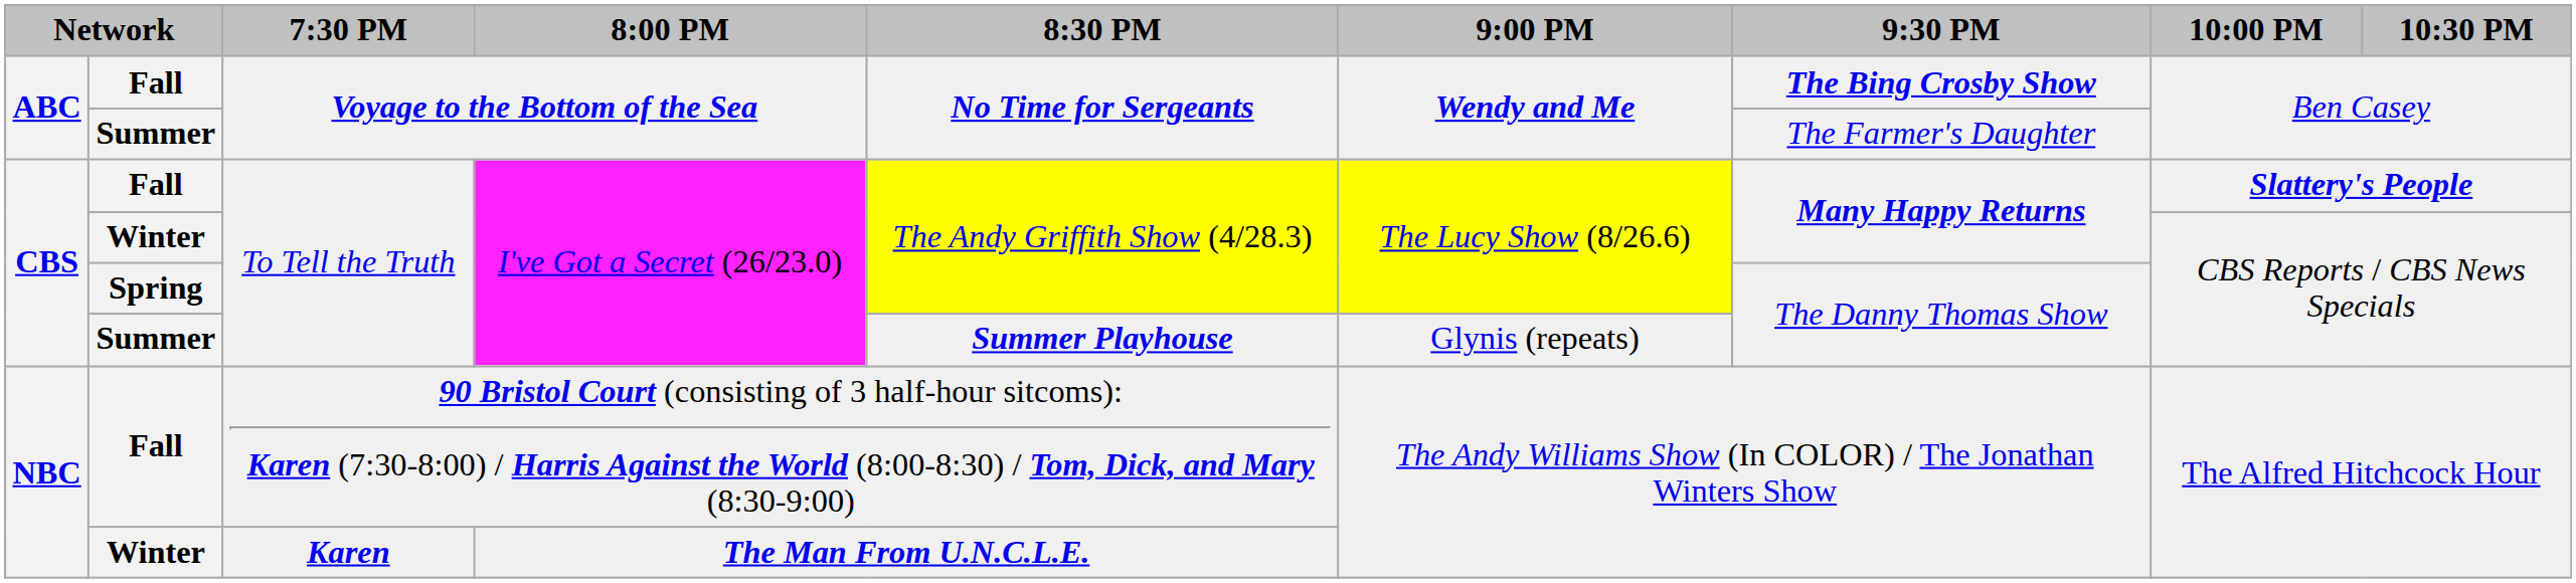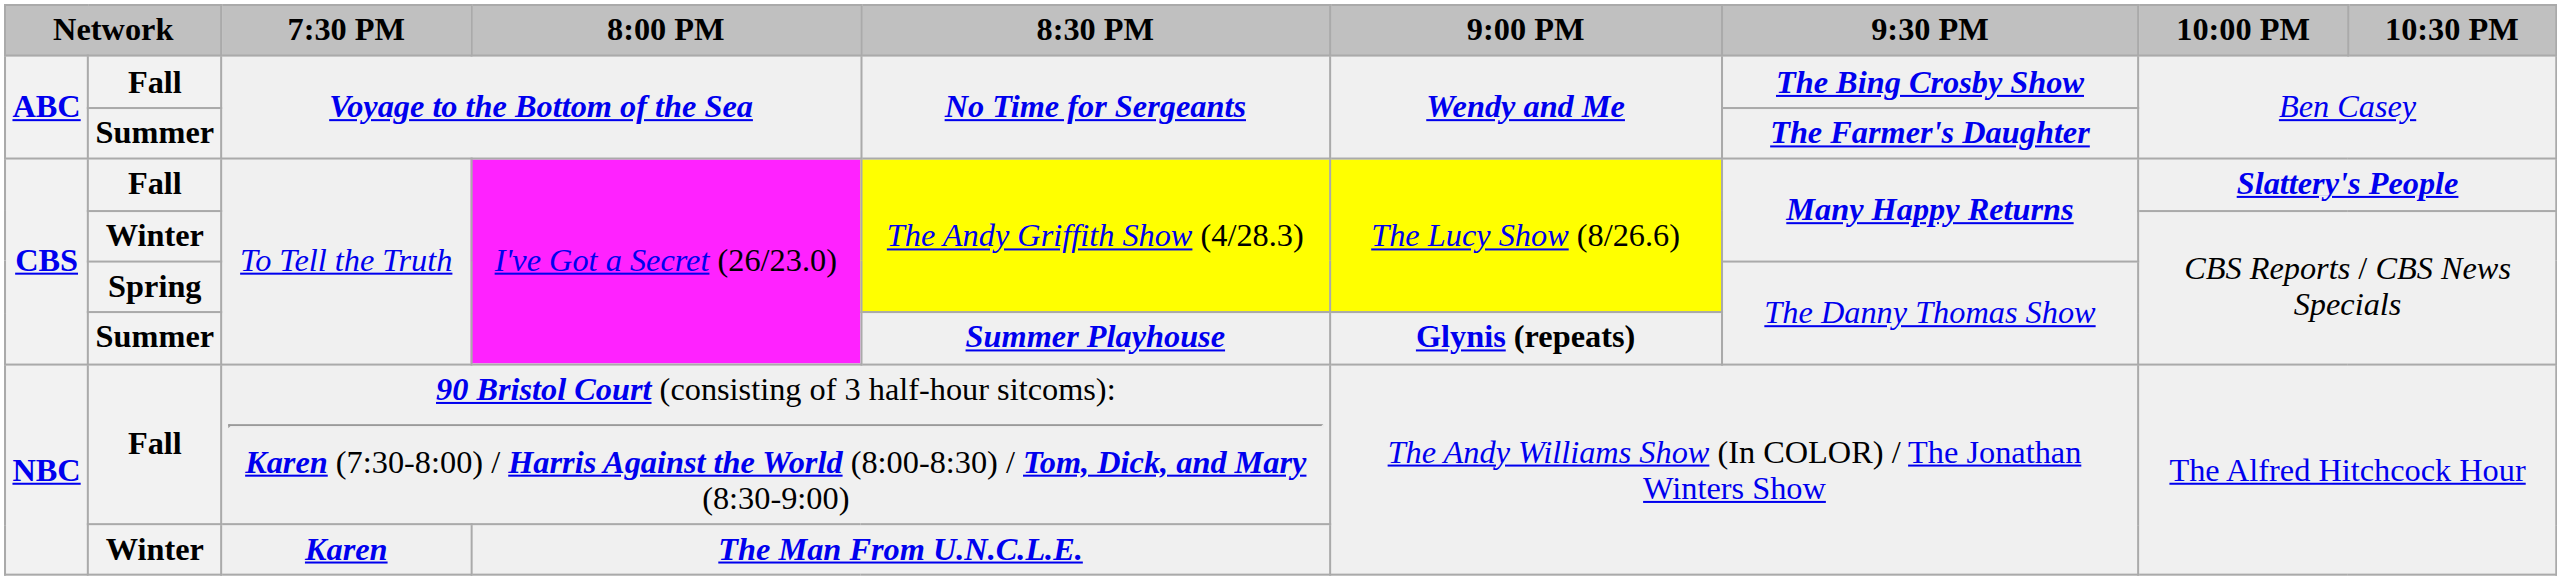 <table class="wikitable" style="width:100%;margin-right:0;text-align:center">
 <tr>
 <th colspan="2" style="background-color:#C0C0C0;text-align:center">Network</th>
 <th style="background-color:#C0C0C0;text-align:center">7:30 PM</th>
 <th style="background-color:#C0C0C0;text-align:center">8:00 PM</th>
 <th style="background-color:#C0C0C0;text-align:center">8:30 PM</th>
 <th style="background-color:#C0C0C0;text-align:center">9:00 PM</th>
 <th style="background-color:#C0C0C0;text-align:center">9:30 PM</th>
 <th style="background-color:#C0C0C0;text-align:center">10:00 PM</th>
 <th style="background-color:#C0C0C0;text-align:center">10:30 PM</th>
 </tr>
 <tr>
 <th rowspan="2" bgcolor="#C0C0C0"><a href='#'>ABC</a></th>
 <th>Fall</th>
 <td colspan="2" rowspan="2" bgcolor="#F0F0F0"><strong><em><a href='#'>Voyage to the Bottom of the Sea</a></em></strong></td>
 <td rowspan="2" bgcolor="#F0F0F0"><strong><em><a href='#'>No Time for Sergeants</a></em></strong></td>
 <td rowspan="2" bgcolor="#F0F0F0"><strong><em><a href='#'>Wendy and Me</a></em></strong></td>
 <td bgcolor="#F0F0F0"><strong><em><a href='#'><em>The Bing Crosby Show</em></a></em></strong></td>
 <td colspan="2" rowspan="2" bgcolor="#F0F0F0"><em><a href='#'>Ben Casey</a></em></td>
 </tr>
 <tr>
 <th>Summer</th>
-<td bgcolor="#F0F0F0"><em><a href='#'>The Farmer's Daughter</a></em></td>
+<td bgcolor="#F0F0F0"><strong><em><a href='#'>The Farmer's Daughter</a></em></strong></td>
 </tr>
 <tr>
 <th bgcolor="#C0C0C0" rowspan="4"><a href='#'>CBS</a></th>
 <th>Fall</th>
 <td bgcolor="#F0F0F0" rowspan="4"><em><a href='#'>To Tell the Truth</a></em></td>
 <td bgcolor="#FF22FF" rowspan="4"><em><a href='#'>I've Got a Secret</a></em> (26/23.0)</td>
 <td bgcolor="#FFFF00" rowspan="3"><em><a href='#'>The Andy Griffith Show</a></em> (4/28.3)</td>
 <td bgcolor="#FFFF00" rowspan="3"><em><a href='#'>The Lucy Show</a></em> (8/26.6)</td>
 <td bgcolor="#F0F0F0" rowspan="2"><strong><em><a href='#'><em>Many Happy Returns</em></a></em></strong></td>
 <td bgcolor="#F0F0F0" colspan="2"><strong><em><a href='#'>Slattery's People</a></em></strong></td>
 </tr>
 <tr>
 <th>Winter</th>
 <td bgcolor="#F0F0F0" colspan="2" rowspan="3"><em>CBS Reports</em> / <em>CBS News Specials</em></td>
 </tr>
 <tr>
 <th>Spring</th>
 <td bgcolor="#F0F0F0" rowspan="2"><em><a href='#'>The Danny Thomas Show</a></em></td>
 </tr>
 <tr>
 <th>Summer</th>
 <td bgcolor="#F0F0F0"><strong><em><a href='#'>Summer Playhouse</a></em></strong></td>
-<td bgcolor="#F0F0F0"><em><a href='#'></em>Glynis<em></a></em> (repeats)</td>
+<td bgcolor="#F0F0F0"><strong><em><a href='#'></em>Glynis<em></a></em> (repeats)</strong></td>
 </tr>
 <tr>
 <th bgcolor="#C0C0C0" rowspan="2"><a href='#'>NBC</a></th>
 <th>Fall</th>
 <td bgcolor="#F0F0F0" colspan="3"><strong><em><a href='#'>90 Bristol Court</a></em></strong> (consisting of 3 half-hour sitcoms):<hr> <strong><em><a href='#'>Karen</a></em></strong> (7:30-8:00) / <strong><a href='#'><em>Harris Against the World</em></a></strong> (8:00-8:30) / <strong><a href='#'><em>Tom, Dick, and Mary</em></a></strong> (8:30-9:00)</td>
 <td bgcolor="#F0F0F0" colspan="2" rowspan="2"><em><a href='#'>The Andy Williams Show</a></em> (In <span>C</span><span>O</span><span>L</span><span>O</span><span>R</span>) / <em><a href='#'></em>The Jonathan Winters Show<em></a></em></td>
 <td bgcolor="#F0F0F0" colspan="2" rowspan="2"><em><a href='#'></em>The Alfred Hitchcock Hour<em></a></em></td>
 </tr>
 <tr>
 <th>Winter</th>
 <td bgcolor="#F0F0F0"><strong><em><a href='#'><em>Karen</em></a></em></strong></td>
 <td bgcolor="#F0F0F0" colspan="2"><strong><em><a href='#'>The Man From U.N.C.L.E.</a></em></strong></td>
 </tr>
 </table>
